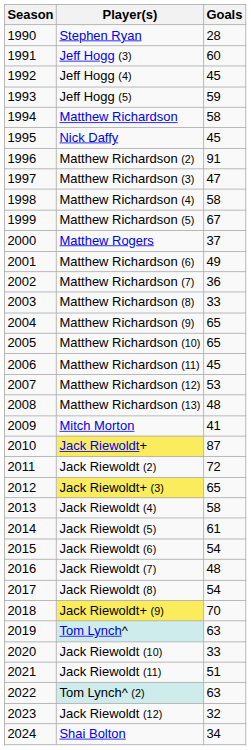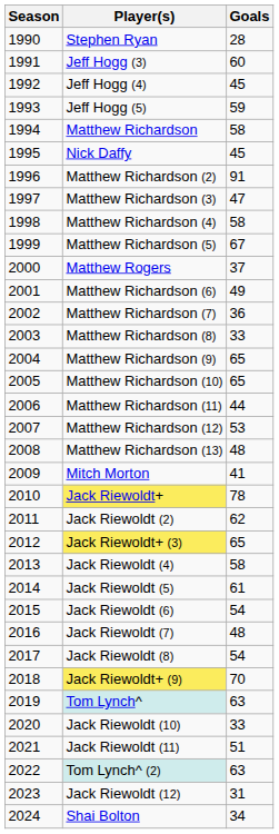 <table class="wikitable sortable" style="text-align:left">
 <tr>
 <th>Season</th>
 <th>Player(s)</th>
 <th>Goals</th>
 </tr>
 <tr>
 <td>1990</td>
 <td><a href='#'>Stephen Ryan</a></td>
 <td>28</td>
 </tr>
 <tr>
 <td>1991</td>
 <td><a href='#'>Jeff Hogg</a> <small>(3)</small></td>
 <td>60</td>
 </tr>
 <tr>
 <td>1992</td>
 <td>Jeff Hogg <small>(4)</small></td>
 <td>45</td>
 </tr>
 <tr>
 <td>1993</td>
 <td>Jeff Hogg <small>(5)</small></td>
 <td>59</td>
 </tr>
 <tr>
 <td>1994</td>
 <td><a href='#'>Matthew Richardson</a></td>
 <td>58</td>
 </tr>
 <tr>
 <td>1995</td>
 <td><a href='#'>Nick Daffy</a></td>
 <td>45</td>
 </tr>
 <tr>
 <td>1996</td>
 <td>Matthew Richardson <small>(2)</small></td>
 <td>91</td>
 </tr>
 <tr>
 <td>1997</td>
 <td>Matthew Richardson <small>(3)</small></td>
 <td>47</td>
 </tr>
 <tr>
 <td>1998</td>
 <td>Matthew Richardson <small>(4)</small></td>
 <td>58</td>
 </tr>
 <tr>
 <td>1999</td>
 <td>Matthew Richardson <small>(5)</small></td>
 <td>67</td>
 </tr>
 <tr>
 <td>2000</td>
 <td><a href='#'>Matthew Rogers</a></td>
 <td>37</td>
 </tr>
 <tr>
 <td>2001</td>
 <td>Matthew Richardson <small>(6)</small></td>
 <td>49</td>
 </tr>
 <tr>
 <td>2002</td>
 <td>Matthew Richardson <small>(7)</small></td>
 <td>36</td>
 </tr>
 <tr>
 <td>2003</td>
 <td>Matthew Richardson <small>(8)</small></td>
 <td>33</td>
 </tr>
 <tr>
 <td>2004</td>
 <td>Matthew Richardson <small>(9)</small></td>
 <td>65</td>
 </tr>
 <tr>
 <td>2005</td>
 <td>Matthew Richardson <small>(10)</small></td>
 <td>65</td>
 </tr>
 <tr>
 <td>2006</td>
 <td>Matthew Richardson <small>(11)</small></td>
-<td>45</td>
+<td>44</td>
 </tr>
 <tr>
 <td>2007</td>
 <td>Matthew Richardson <small>(12)</small></td>
 <td>53</td>
 </tr>
 <tr>
 <td>2008</td>
 <td>Matthew Richardson <small>(13)</small></td>
 <td>48</td>
 </tr>
 <tr>
 <td>2009</td>
 <td><a href='#'>Mitch Morton</a></td>
 <td>41</td>
 </tr>
 <tr>
 <td>2010</td>
 <td style="background-color:#FBEC5D"><a href='#'>Jack Riewoldt</a>+</td>
-<td>87</td>
+<td>78</td>
 </tr>
 <tr>
 <td>2011</td>
 <td>Jack Riewoldt <small>(2)</small></td>
-<td>72</td>
+<td>62</td>
 </tr>
 <tr>
 <td>2012</td>
 <td style="background-color:#FBEC5D">Jack Riewoldt+ <small>(3)</small></td>
 <td>65</td>
 </tr>
 <tr>
 <td>2013</td>
 <td>Jack Riewoldt <small>(4)</small></td>
 <td>58</td>
 </tr>
 <tr>
 <td>2014</td>
 <td>Jack Riewoldt <small>(5)</small></td>
 <td>61</td>
 </tr>
 <tr>
 <td>2015</td>
 <td>Jack Riewoldt <small>(6)</small></td>
 <td>54</td>
 </tr>
 <tr>
 <td>2016</td>
 <td>Jack Riewoldt <small>(7)</small></td>
 <td>48</td>
 </tr>
 <tr>
 <td>2017</td>
 <td>Jack Riewoldt <small>(8)</small></td>
 <td>54</td>
 </tr>
 <tr>
 <td>2018</td>
 <td style="background-color:#FBEC5D">Jack Riewoldt+ <small>(9)</small></td>
 <td>70</td>
 </tr>
 <tr>
 <td>2019</td>
 <td style="background-color:#CFECEC"><a href='#'>Tom Lynch</a>^</td>
 <td>63</td>
 </tr>
 <tr>
 <td>2020</td>
 <td>Jack Riewoldt <small>(10)</small></td>
 <td>33</td>
 </tr>
 <tr>
 <td>2021</td>
 <td>Jack Riewoldt <small>(11)</small></td>
 <td>51</td>
 </tr>
 <tr>
 <td>2022</td>
 <td style="background-color:#CFECEC">Tom Lynch^ <small>(2)</small></td>
 <td>63</td>
 </tr>
 <tr>
 <td>2023</td>
 <td>Jack Riewoldt <small>(12)</small></td>
-<td>32</td>
+<td>31</td>
 </tr>
 <tr>
 <td>2024</td>
 <td><a href='#'>Shai Bolton</a></td>
 <td>34</td>
 </tr>
 </table>
